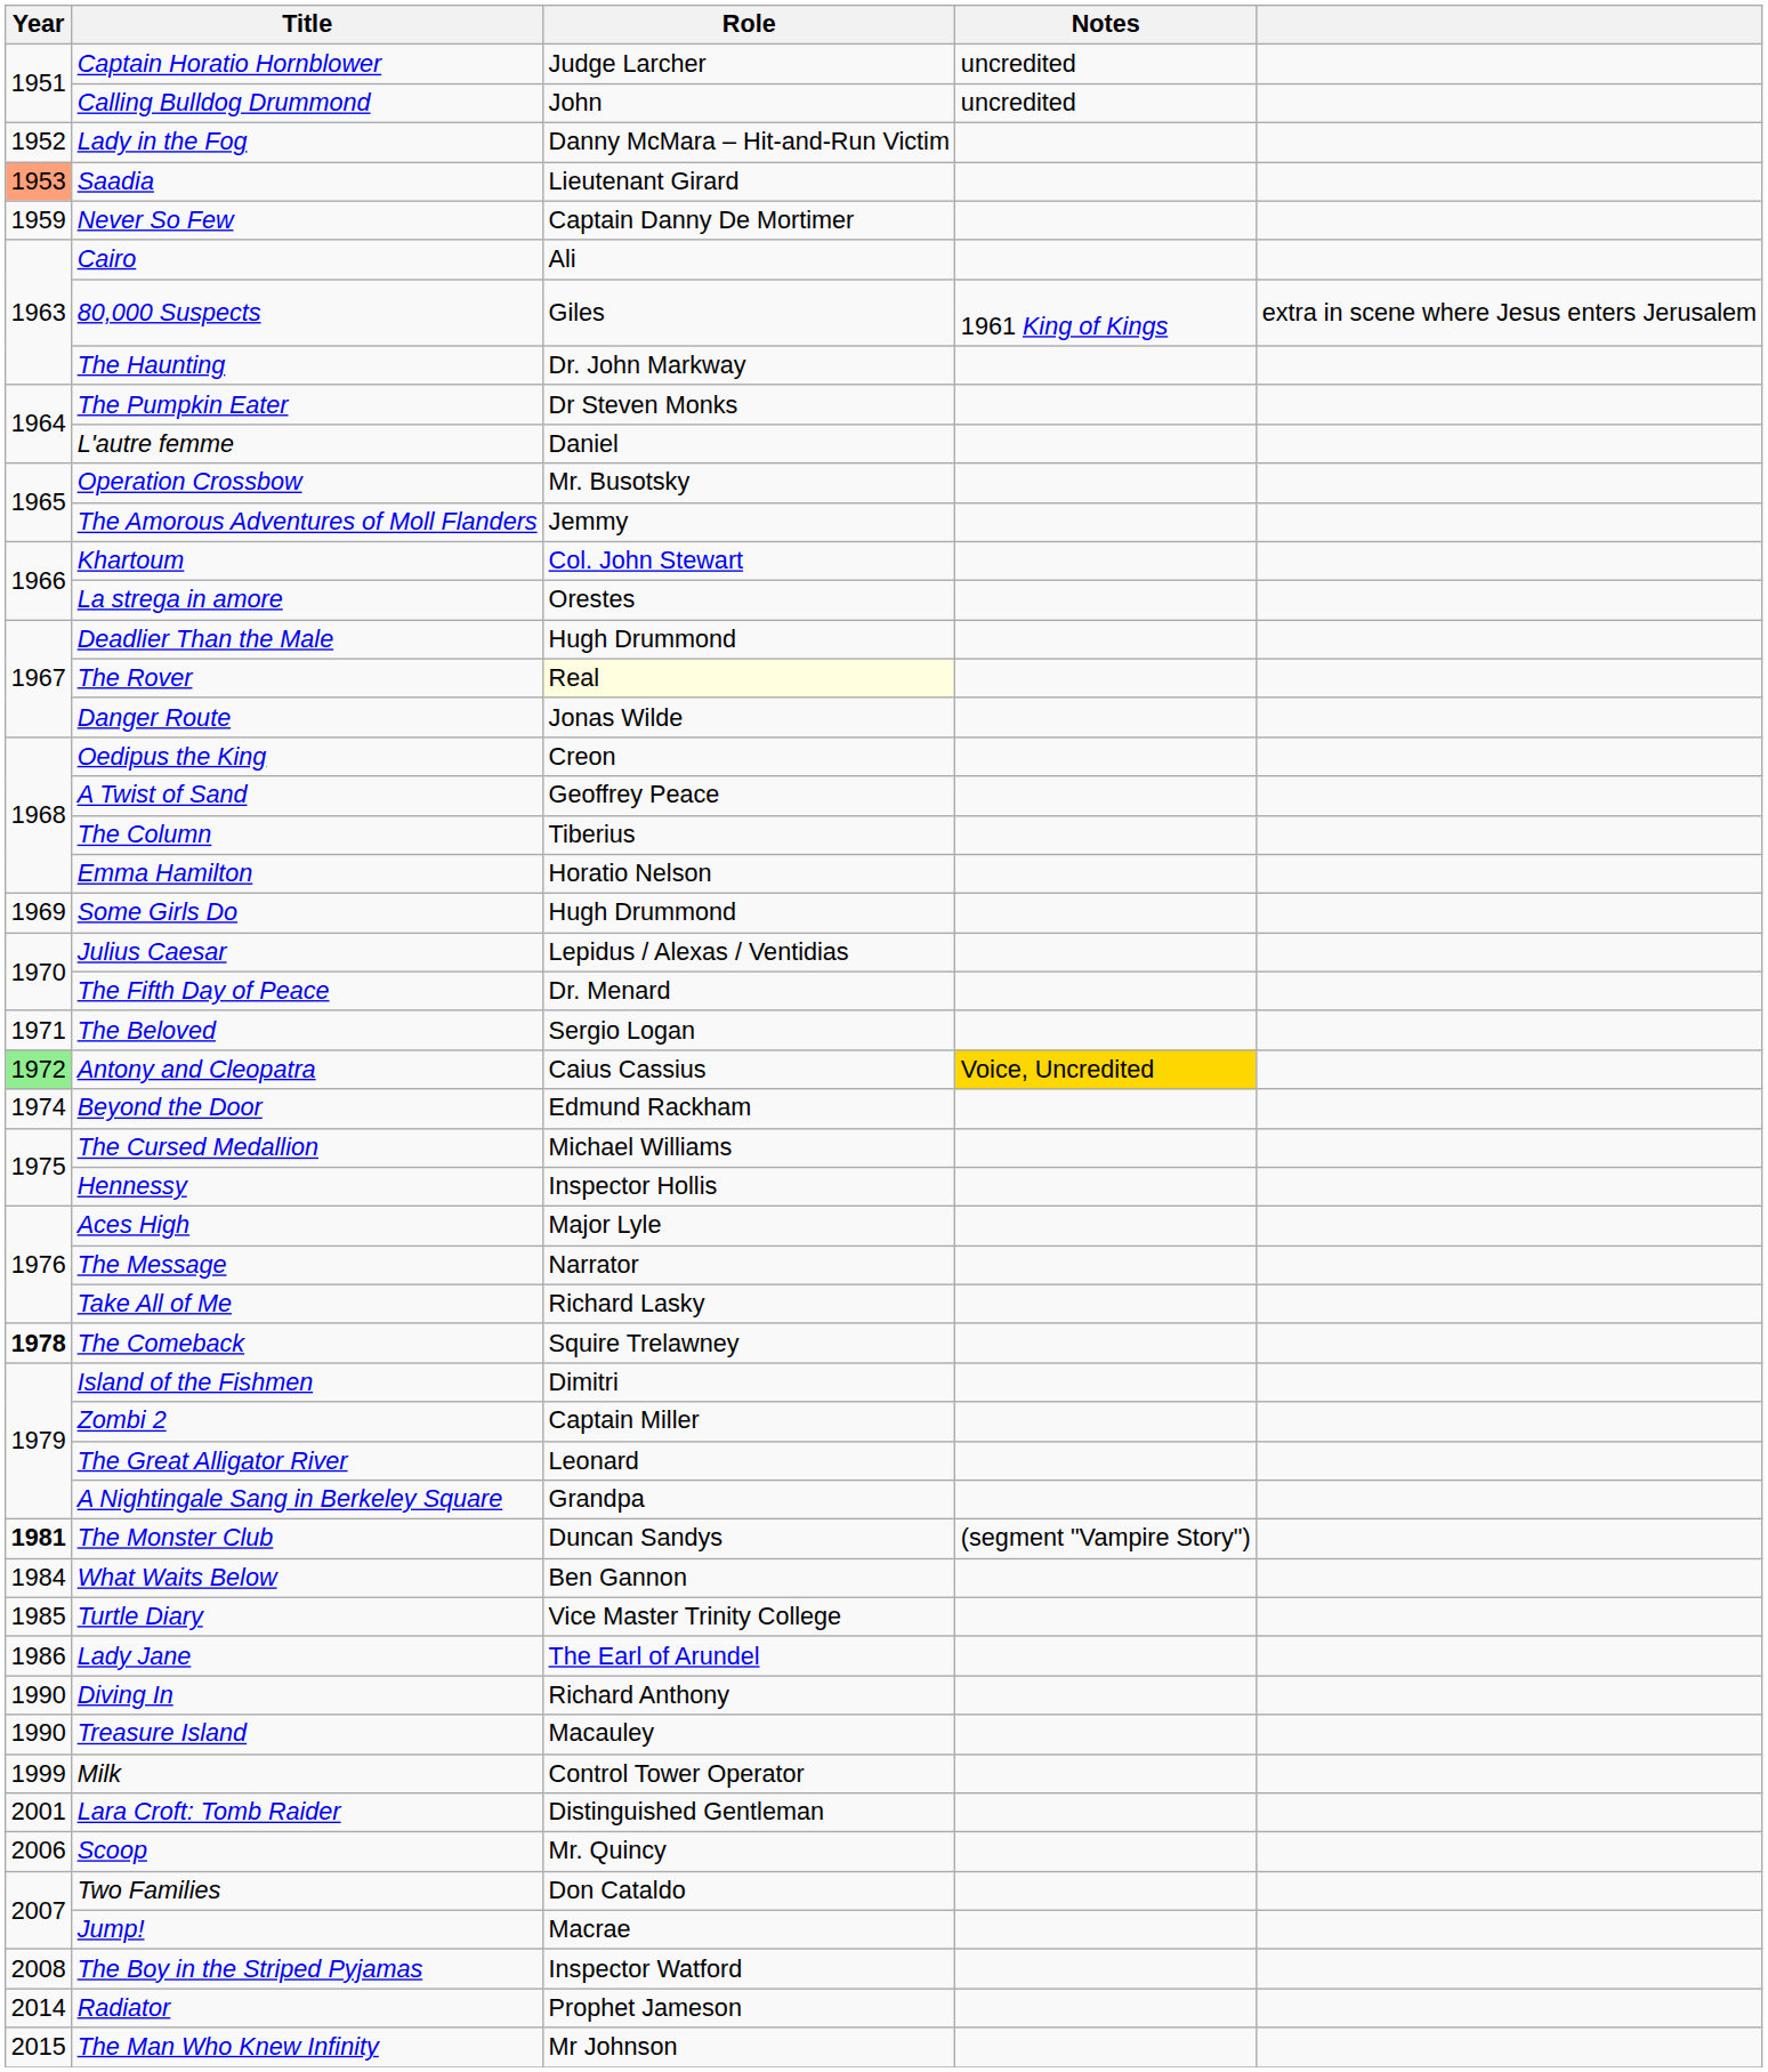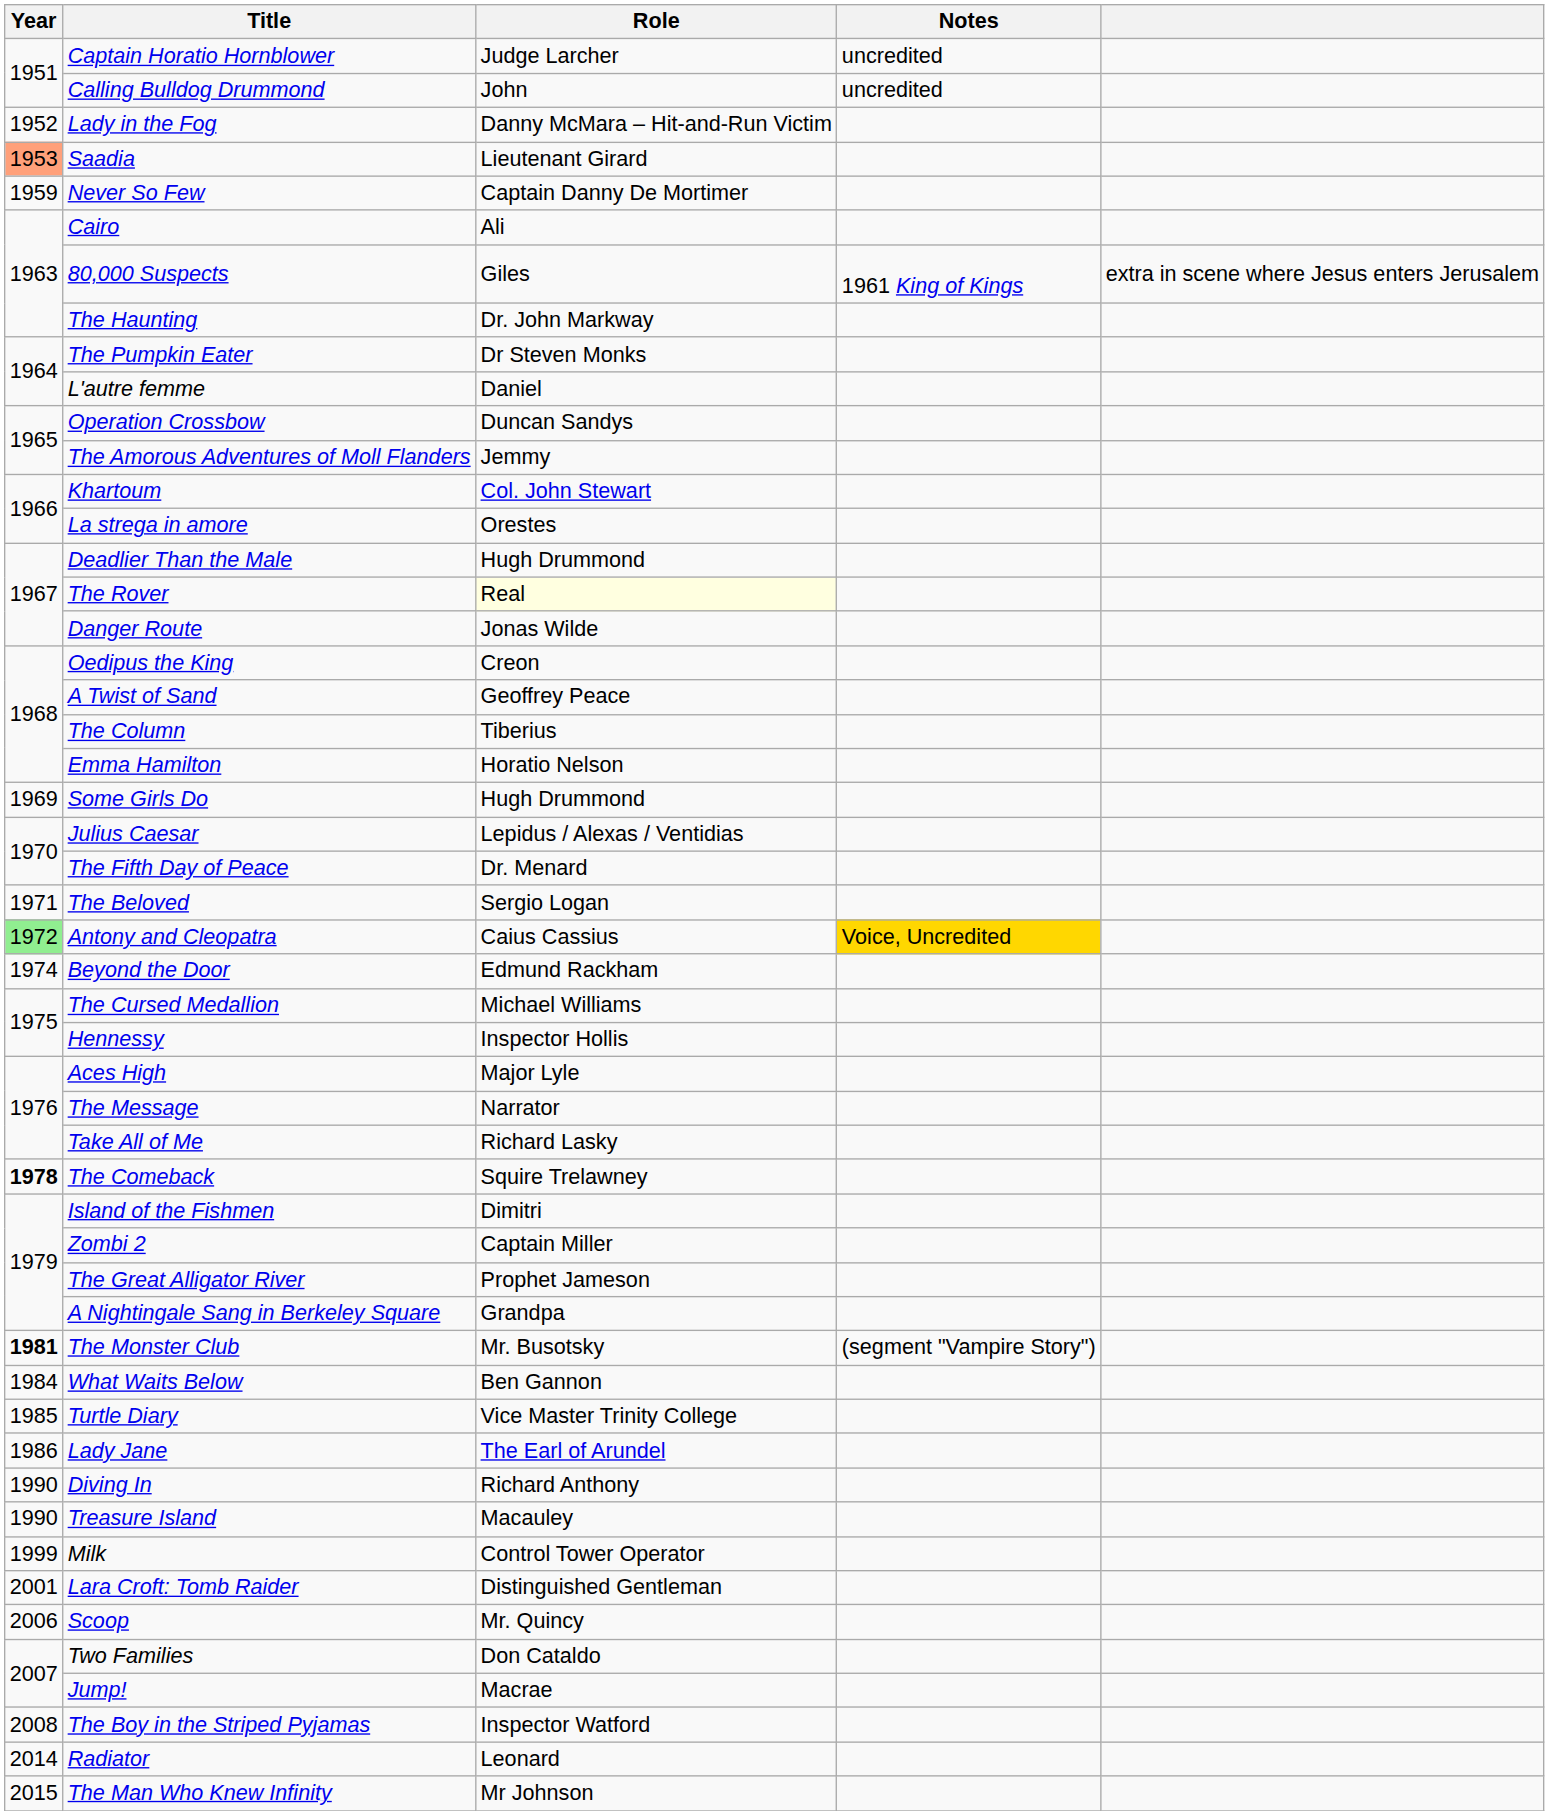 <table class="wikitable sortable">
 <tr>
 <th>Year</th>
 <th>Title</th>
 <th>Role</th>
 <th>Notes</th>
 <th></th>
 </tr>
 <tr>
 <td rowspan="2">1951</td>
 <td><em><a href='#'>Captain Horatio Hornblower</a></em></td>
 <td>Judge Larcher</td>
 <td>uncredited</td>
 <td></td>
 </tr>
 <tr>
 <td><em><a href='#'>Calling Bulldog Drummond</a></em></td>
 <td>John</td>
 <td>uncredited</td>
 <td></td>
 </tr>
 <tr>
 <td>1952</td>
 <td><em><a href='#'>Lady in the Fog</a></em></td>
 <td>Danny McMara – Hit-and-Run Victim</td>
 <td></td>
 <td></td>
 </tr>
 <tr>
 <td style="background: lightsalmon;">1953</td>
 <td><em><a href='#'>Saadia</a></em></td>
 <td>Lieutenant Girard</td>
 <td></td>
 <td></td>
 </tr>
 <tr>
 <td>1959</td>
 <td><em><a href='#'>Never So Few</a></em></td>
 <td>Captain Danny De Mortimer</td>
 <td></td>
 <td></td>
 </tr>
 <tr>
 <td rowspan="3">1963</td>
 <td><em><a href='#'>Cairo</a></em></td>
 <td>Ali</td>
 <td></td>
 <td></td>
 </tr>
 <tr>
 <td><em><a href='#'>80,000 Suspects</a></em></td>
 <td>Giles</td>
 <td><br>1961 <em><a href='#'>King of Kings</a></em></td>
 <td>extra in scene where Jesus enters Jerusalem</td>
 </tr>
 <tr>
 <td><em><a href='#'>The Haunting</a></em></td>
 <td>Dr. John Markway</td>
 <td></td>
 <td></td>
 </tr>
 <tr>
 <td rowspan="2">1964</td>
 <td><em><a href='#'>The Pumpkin Eater</a></em></td>
 <td>Dr Steven Monks</td>
 <td></td>
 <td></td>
 </tr>
 <tr>
 <td><em>L'autre femme</em></td>
 <td>Daniel</td>
 <td></td>
 <td></td>
 </tr>
 <tr>
 <td rowspan="2">1965</td>
 <td><em><a href='#'>Operation Crossbow</a></em></td>
-<td>Mr. Busotsky</td>
+<td>Duncan Sandys</td>
 <td></td>
 <td></td>
 </tr>
 <tr>
 <td><em><a href='#'>The Amorous Adventures of Moll Flanders</a></em></td>
 <td>Jemmy</td>
 <td></td>
 <td></td>
 </tr>
 <tr>
 <td rowspan="2">1966</td>
 <td><em><a href='#'>Khartoum</a></em></td>
 <td><a href='#'>Col. John Stewart</a></td>
 <td></td>
 <td></td>
 </tr>
 <tr>
 <td><em><a href='#'>La strega in amore</a></em></td>
 <td>Orestes</td>
 <td></td>
 <td></td>
 </tr>
 <tr>
 <td rowspan="3">1967</td>
 <td><em><a href='#'>Deadlier Than the Male</a></em></td>
 <td>Hugh Drummond</td>
 <td></td>
 <td></td>
 </tr>
 <tr>
 <td><em><a href='#'>The Rover</a></em></td>
 <td style="background: lightyellow;">Real</td>
 <td></td>
 <td></td>
 </tr>
 <tr>
 <td><em><a href='#'>Danger Route</a></em></td>
 <td>Jonas Wilde</td>
 <td></td>
 <td></td>
 </tr>
 <tr>
 <td rowspan="4">1968</td>
 <td><em><a href='#'>Oedipus the King</a></em></td>
 <td>Creon</td>
 <td></td>
 <td></td>
 </tr>
 <tr>
 <td><em><a href='#'>A Twist of Sand</a></em></td>
 <td>Geoffrey Peace</td>
 <td></td>
 <td></td>
 </tr>
 <tr>
 <td><em><a href='#'>The Column</a></em></td>
 <td>Tiberius</td>
 <td></td>
 <td></td>
 </tr>
 <tr>
 <td><em><a href='#'>Emma Hamilton</a></em></td>
 <td>Horatio Nelson</td>
 <td></td>
 <td></td>
 </tr>
 <tr>
 <td>1969</td>
 <td><em><a href='#'>Some Girls Do</a></em></td>
 <td>Hugh Drummond</td>
 <td></td>
 <td></td>
 </tr>
 <tr>
 <td rowspan="2">1970</td>
 <td><em><a href='#'>Julius Caesar</a></em></td>
 <td>Lepidus / Alexas / Ventidias</td>
 <td></td>
 <td></td>
 </tr>
 <tr>
 <td><em><a href='#'>The Fifth Day of Peace</a></em></td>
 <td>Dr. Menard</td>
 <td></td>
 <td></td>
 </tr>
 <tr>
 <td>1971</td>
 <td><em><a href='#'>The Beloved</a></em></td>
 <td>Sergio Logan</td>
 <td></td>
 <td></td>
 </tr>
 <tr>
 <td style="background: lightgreen;">1972</td>
 <td><em><a href='#'>Antony and Cleopatra</a></em></td>
 <td>Caius Cassius</td>
 <td style="background: gold;">Voice, Uncredited</td>
 <td></td>
 </tr>
 <tr>
 <td>1974</td>
 <td><em><a href='#'>Beyond the Door</a></em></td>
 <td>Edmund Rackham</td>
 <td></td>
 <td></td>
 </tr>
 <tr>
 <td rowspan="2">1975</td>
 <td><em><a href='#'>The Cursed Medallion</a></em></td>
 <td>Michael Williams</td>
 <td></td>
 <td></td>
 </tr>
 <tr>
 <td><em><a href='#'>Hennessy</a></em></td>
 <td>Inspector Hollis</td>
 <td></td>
 <td></td>
 </tr>
 <tr>
 <td rowspan="3">1976</td>
 <td><em><a href='#'>Aces High</a></em></td>
 <td>Major Lyle</td>
 <td></td>
 <td></td>
 </tr>
 <tr>
 <td><em><a href='#'>The Message</a></em></td>
 <td>Narrator</td>
 <td></td>
 <td></td>
 </tr>
 <tr>
 <td><em><a href='#'>Take All of Me</a></em></td>
 <td>Richard Lasky</td>
 <td></td>
 <td></td>
 </tr>
 <tr>
 <td><strong>1978</strong></td>
 <td><em><a href='#'>The Comeback</a></em></td>
 <td>Squire Trelawney</td>
 <td></td>
 <td></td>
 </tr>
 <tr>
 <td rowspan="4">1979</td>
 <td><em><a href='#'>Island of the Fishmen</a></em></td>
 <td>Dimitri</td>
 <td></td>
 <td></td>
 </tr>
 <tr>
 <td><em><a href='#'>Zombi 2</a></em></td>
 <td>Captain Miller</td>
 <td></td>
 <td></td>
 </tr>
 <tr>
 <td><em><a href='#'>The Great Alligator River</a></em></td>
-<td>Leonard</td>
+<td>Prophet Jameson</td>
 <td></td>
 <td></td>
 </tr>
 <tr>
 <td><em><a href='#'>A Nightingale Sang in Berkeley Square</a></em></td>
 <td>Grandpa</td>
 <td></td>
 <td></td>
 </tr>
 <tr>
 <td><strong>1981</strong></td>
 <td><em><a href='#'>The Monster Club</a></em></td>
-<td>Duncan Sandys</td>
+<td>Mr. Busotsky</td>
 <td>(segment "Vampire Story")</td>
 <td></td>
 </tr>
 <tr>
 <td>1984</td>
 <td><em><a href='#'>What Waits Below</a></em></td>
 <td>Ben Gannon</td>
 <td></td>
 <td></td>
 </tr>
 <tr>
 <td>1985</td>
 <td><em><a href='#'>Turtle Diary</a></em></td>
 <td>Vice Master Trinity College</td>
 <td></td>
 <td></td>
 </tr>
 <tr>
 <td>1986</td>
 <td><em><a href='#'>Lady Jane</a></em></td>
 <td><a href='#'>The Earl of Arundel</a></td>
 <td></td>
 <td></td>
 </tr>
 <tr>
 <td>1990</td>
 <td><em><a href='#'>Diving In</a></em></td>
 <td>Richard Anthony</td>
 <td></td>
 </tr>
 <tr>
 <td>1990</td>
 <td><em><a href='#'>Treasure Island</a></em></td>
 <td>Macauley</td>
 <td></td>
 <td></td>
 </tr>
 <tr>
 <td>1999</td>
 <td><em>Milk</em></td>
 <td>Control Tower Operator</td>
 <td></td>
 <td></td>
 </tr>
 <tr>
 <td>2001</td>
 <td><em><a href='#'>Lara Croft: Tomb Raider</a></em></td>
 <td>Distinguished Gentleman</td>
 <td></td>
 <td></td>
 </tr>
 <tr>
 <td>2006</td>
 <td><em><a href='#'>Scoop</a></em></td>
 <td>Mr. Quincy</td>
 <td></td>
 <td></td>
 </tr>
 <tr>
 <td rowspan="2">2007</td>
 <td><em>Two Families</em></td>
 <td>Don Cataldo</td>
 <td></td>
 <td></td>
 </tr>
 <tr>
 <td><em><a href='#'>Jump!</a></em></td>
 <td>Macrae</td>
 <td></td>
 <td></td>
 </tr>
 <tr>
 <td>2008</td>
 <td><em><a href='#'>The Boy in the Striped Pyjamas</a></em></td>
 <td>Inspector Watford</td>
 <td></td>
 <td></td>
 </tr>
 <tr>
 <td>2014</td>
 <td><em><a href='#'>Radiator</a></em></td>
-<td>Prophet Jameson</td>
+<td>Leonard</td>
 <td></td>
 <td></td>
 </tr>
 <tr>
 <td>2015</td>
 <td><em><a href='#'>The Man Who Knew Infinity</a></em></td>
 <td>Mr Johnson</td>
 <td></td>
 <td></td>
 </tr>
 </table>
